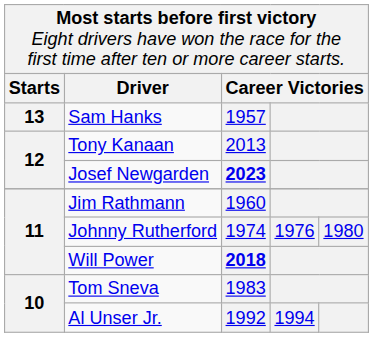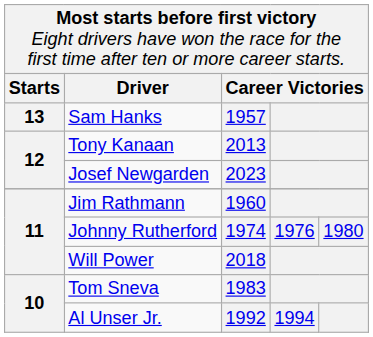 <table class="wikitable">
 <tr>
 <td style="background:#F2F2F2;" align="center" colspan="5"><strong>Most starts before first victory</strong><br><em>Eight drivers have won the race for the<br>first time after ten or more career starts.</em></td>
 </tr>
 <tr>
 <td style="background:#F2F2F2;" align="center"><strong>Starts</strong></td>
 <td style="background:#F2F2F2;" align="center"><strong>Driver</strong></td>
 <td style="background:#F2F2F2;" align="center" colspan="3"><strong>Career Victories</strong></td>
 </tr>
 <tr>
 <td style="background:#F2F2F2;" align="center"><strong>13</strong></td>
 <td> <a href='#'>Sam Hanks</a></td>
 <td style="background:#F2F2F2;" align="center"><a href='#'>1957</a></td>
 <td style="background:#F2F2F2;" align="center" colspan="2"> </td>
 </tr>
 <tr>
 <td style="background:#F2F2F2;" align="center" rowspan=2><strong>12</strong></td>
 <td> <a href='#'>Tony Kanaan</a></td>
 <td style="background:#F2F2F2;" align="center"><a href='#'>2013</a></td>
 <td style="background:#F2F2F2;" align="center" colspan="2"> </td>
 </tr>
 <tr>
 <td> <a href='#'>Josef Newgarden</a></td>
-<td style="background:#F2F2F2;" align="center"><strong><a href='#'>2023</a></strong></td>
+<td style="background:#F2F2F2;" align="center"><a href='#'>2023</a></td>
 <td style="background:#F2F2F2;" align="center" colspan="2"> </td>
 </tr>
 <tr>
 </tr>
 <tr>
 <td style="background:#F2F2F2;" align="center" rowspan="3"><strong>11</strong></td>
 <td> <a href='#'>Jim Rathmann</a></td>
 <td style="background:#F2F2F2;" align="center"><a href='#'>1960</a></td>
 <td style="background:#F2F2F2;" align="center" colspan="2"> </td>
 </tr>
 <tr>
 <td> <a href='#'>Johnny Rutherford</a></td>
 <td style="background:#F2F2F2;" align="center"><a href='#'>1974</a></td>
 <td style="background:#F2F2F2;" align="center"><a href='#'>1976</a></td>
 <td style="background:#F2F2F2;" align="center"><a href='#'>1980</a></td>
 </tr>
 <tr>
 <td> <a href='#'>Will Power</a></td>
-<td style="background:#F2F2F2;" align="center"><strong><a href='#'>2018</a></strong></td>
+<td style="background:#F2F2F2;" align="center"><a href='#'>2018</a></td>
 <td style="background:#F2F2F2;" align="center" colspan="2"> </td>
 </tr>
 <tr>
 <td style="background:#F2F2F2;" align="center" rowspan="2"><strong>10</strong></td>
 <td> <a href='#'>Tom Sneva</a></td>
 <td style="background:#F2F2F2;" align="center"><a href='#'>1983</a></td>
 <td style="background:#F2F2F2;" align="center" colspan="2"> </td>
 </tr>
 <tr>
 <td> <a href='#'>Al Unser Jr.</a></td>
 <td style="background:#F2F2F2;" align="center"><a href='#'>1992</a></td>
 <td style="background:#F2F2F2;" align="center"><a href='#'>1994</a></td>
 <td style="background:#F2F2F2;" align="center"> </td>
 </tr>
 </table>
